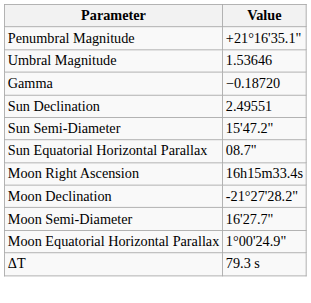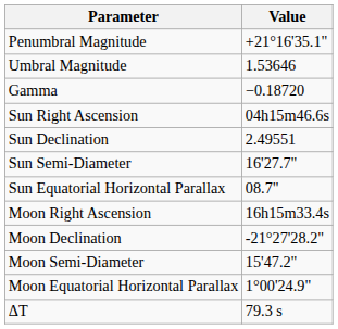 <table class="wikitable">
 <tr>
 <th>Parameter</th>
 <th>Value</th>
 </tr>
 <tr>
 <td>Penumbral Magnitude</td>
 <td>+21°16'35.1"</td>
 </tr>
 <tr>
 <td>Umbral Magnitude</td>
 <td>1.53646</td>
 </tr>
 <tr>
 <td>Gamma</td>
 <td>−0.18720</td>
 </tr>
 <tr>
+<td>Sun Right Ascension</td>
+<td>04h15m46.6s</td>
+</tr>
+<tr>
 <td>Sun Declination</td>
 <td>2.49551</td>
 </tr>
 <tr>
 <td>Sun Semi-Diameter</td>
-<td>15'47.2"</td>
+<td>16'27.7"</td>
 </tr>
 <tr>
 <td>Sun Equatorial Horizontal Parallax</td>
 <td>08.7"</td>
 </tr>
 <tr>
 <td>Moon Right Ascension</td>
 <td>16h15m33.4s</td>
 </tr>
 <tr>
 <td>Moon Declination</td>
 <td>-21°27'28.2"</td>
 </tr>
 <tr>
 <td>Moon Semi-Diameter</td>
-<td>16'27.7"</td>
+<td>15'47.2"</td>
 </tr>
 <tr>
 <td>Moon Equatorial Horizontal Parallax</td>
 <td>1°00'24.9"</td>
 </tr>
 <tr>
 <td>ΔT</td>
 <td>79.3 s</td>
 </tr>
 </table>
